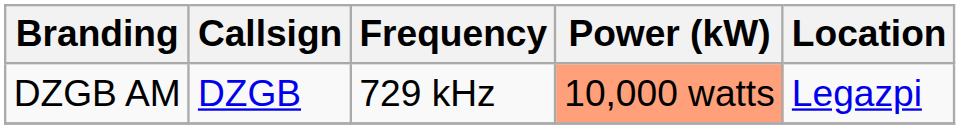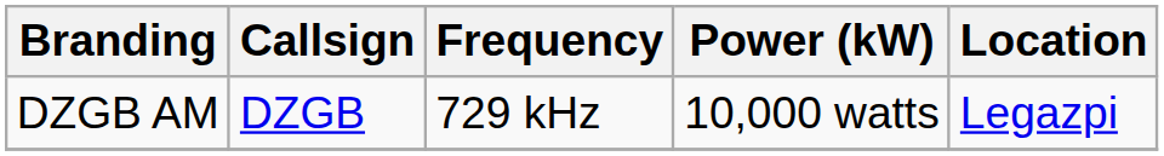 <table class="wikitable">
 <tr>
 <th>Branding</th>
 <th>Callsign</th>
 <th>Frequency</th>
 <th>Power (kW)</th>
 <th>Location</th>
 </tr>
 <tr>
 <td>DZGB AM</td>
 <td><a href='#'>DZGB</a></td>
 <td>729 kHz</td>
-<td style="background: lightsalmon;">10,000 watts</td>
+<td>10,000 watts</td>
 <td><a href='#'>Legazpi</a></td>
 </tr>
 <tr>
 </tr>
 </table>
